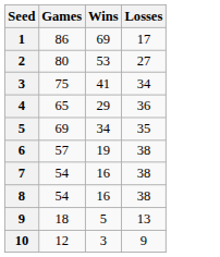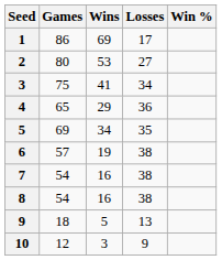 <table class="wikitable sortable" style="text-align:center;font-size:90%">
 <tr>
 <th width=px>Seed</th>
 <th width=px>Games</th>
 <th width=px>Wins</th>
 <th width=px>Losses</th>
+<th width=px>Win %</th>
 </tr>
 <tr>
 <th>1</th>
 <td>86</td>
 <td>69</td>
 <td>17</td>
+<td></td>
 </tr>
 <tr>
 <th>2</th>
 <td>80</td>
 <td>53</td>
 <td>27</td>
+<td></td>
 </tr>
 <tr>
 <th>3</th>
 <td>75</td>
 <td>41</td>
 <td>34</td>
+<td></td>
 </tr>
 <tr>
 <th>4</th>
 <td>65</td>
 <td>29</td>
 <td>36</td>
+<td></td>
 </tr>
 <tr>
 <th>5</th>
 <td>69</td>
 <td>34</td>
 <td>35</td>
+<td></td>
 </tr>
 <tr>
 <th>6</th>
 <td>57</td>
 <td>19</td>
 <td>38</td>
+<td></td>
 </tr>
 <tr>
 <th>7</th>
 <td>54</td>
 <td>16</td>
 <td>38</td>
+<td></td>
 </tr>
 <tr>
 <th>8</th>
 <td>54</td>
 <td>16</td>
 <td>38</td>
+<td></td>
 </tr>
 <tr>
 <th>9</th>
 <td>18</td>
 <td>5</td>
 <td>13</td>
+<td></td>
 </tr>
 <tr>
 <th>10</th>
 <td>12</td>
 <td>3</td>
 <td>9</td>
+<td></td>
 </tr>
 </table>
